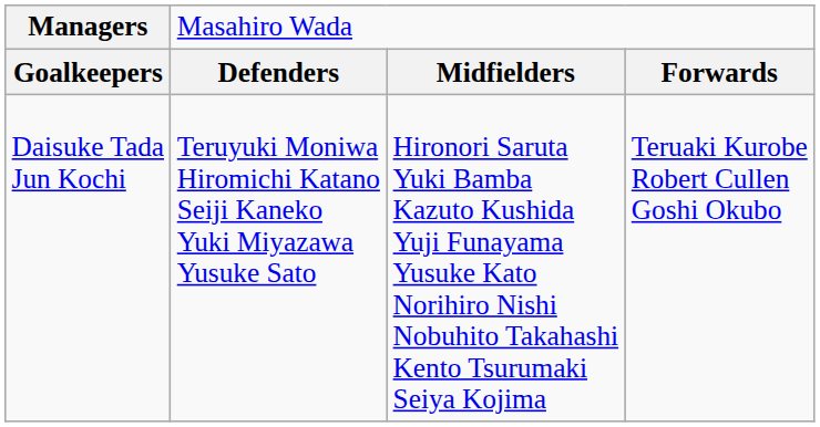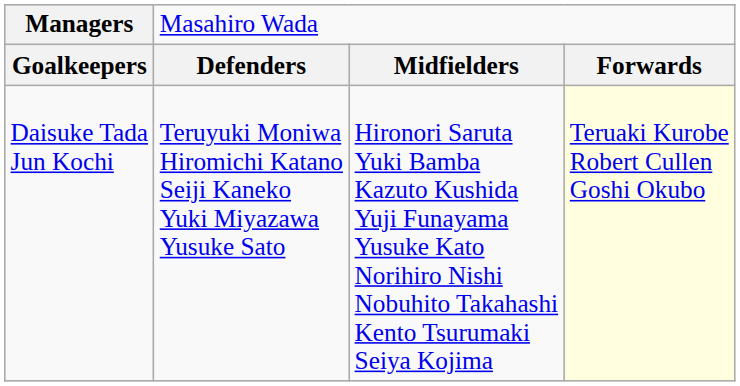 <table class="wikitable">
 <tr>
 <th>Managers</th>
 <td colspan=3> <a href='#'>Masahiro Wada</a></td>
 </tr>
 <tr>
 <th>Goalkeepers</th>
 <th>Defenders</th>
 <th>Midfielders</th>
 <th>Forwards</th>
 </tr>
 <tr>
 <td align=left valign=top><br> <a href='#'>Daisuke Tada</a>  <br>  <a href='#'>Jun Kochi</a>  <br></td>
 <td align=left valign=top><br> <a href='#'>Teruyuki Moniwa</a>  <br>  <a href='#'>Hiromichi Katano</a>  <br>  <a href='#'>Seiji Kaneko</a>  <br>  <a href='#'>Yuki Miyazawa</a>  <br>  <a href='#'>Yusuke Sato</a>  <br></td>
 <td align=left valign=top><br> <a href='#'>Hironori Saruta</a>  <br>  <a href='#'>Yuki Bamba</a>  <br>  <a href='#'>Kazuto Kushida</a>  <br>  <a href='#'>Yuji Funayama</a>  <br>  <a href='#'>Yusuke Kato</a>  <br>  <a href='#'>Norihiro Nishi</a>  <br>  <a href='#'>Nobuhito Takahashi</a>  <br>  <a href='#'>Kento Tsurumaki</a>  <br>  <a href='#'>Seiya Kojima</a>  <br></td>
-<td align=left valign=top><br> <a href='#'>Teruaki Kurobe</a>  <br>  <a href='#'>Robert Cullen</a>  <br>  <a href='#'>Goshi Okubo</a>  <br></td>
+<td align=left valign=top style="background: lightyellow;"><br> <a href='#'>Teruaki Kurobe</a>  <br>  <a href='#'>Robert Cullen</a>  <br>  <a href='#'>Goshi Okubo</a>  <br></td>
 </tr>
 </table>
